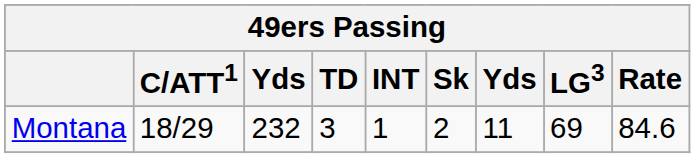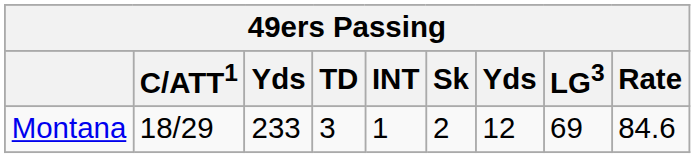 <table class="wikitable">
 <tr>
 <th colspan="9">49ers Passing</th>
 </tr>
 <tr>
 <th></th>
 <th>C/ATT<sup>1</sup></th>
 <th>Yds</th>
 <th>TD</th>
 <th>INT</th>
 <th>Sk</th>
 <th>Yds</th>
 <th>LG<sup>3</sup></th>
 <th>Rate</th>
 </tr>
 <tr>
 <td><a href='#'>Montana</a></td>
 <td>18/29</td>
-<td>232</td>
+<td>233</td>
 <td>3</td>
 <td>1</td>
 <td>2</td>
-<td>11</td>
+<td>12</td>
 <td>69</td>
 <td>84.6</td>
 </tr>
 </table>
